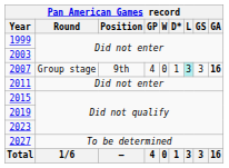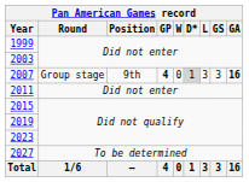 <table class="wikitable" style="text-align: center;">
 <tr>
 <th colspan=9><a href='#'>Pan American Games</a> record</th>
 </tr>
 <tr>
 <th>Year</th>
 <th>Round</th>
 <th>Position</th>
 <th>GP</th>
 <th>W</th>
 <th>D*</th>
 <th>L</th>
 <th>GS</th>
 <th>GA</th>
 </tr>
 <tr>
 <td> <a href='#'>1999</a></td>
 <td colspan=9 rowspan=2><em>Did not enter</em></td>
 </tr>
 <tr>
 <td> <a href='#'>2003</a></td>
 </tr>
 <tr>
 <td> <a href='#'>2007</a></td>
 <td>Group stage</td>
 <td>9th</td>
-<td>4</td>
+<td><strong>4</strong></td>
 <td>0</td>
-<td>1</td>
-<td style="background: paleturquoise;">3</td>
+<td style="background: lightgrey;">1</td>
+<td>3</td>
 <td>3</td>
 <td><strong>16</strong></td>
 </tr>
 <tr>
 <td> <a href='#'>2011</a></td>
 <td colspan=9><em>Did not enter</em></td>
 </tr>
 <tr>
 <td> <a href='#'>2015</a></td>
 <td colspan=9 rowspan=3><em>Did not qualify</em></td>
 </tr>
 <tr>
 <td> <a href='#'>2019</a></td>
 </tr>
 <tr>
 <td> <a href='#'>2023</a></td>
 </tr>
 <tr>
 <td> <a href='#'>2027</a></td>
 <td rowspan=1 colspan=8><em>To be determined</em></td>
 </tr>
 <tr>
 <th>Total</th>
 <th>1/6</th>
 <th>–</th>
 <th>4</th>
 <th>0</th>
 <th>1</th>
 <th>3</th>
 <th>3</th>
 <th>16</th>
 </tr>
 </table>
